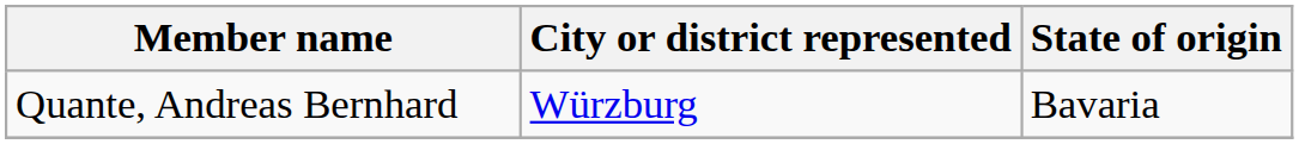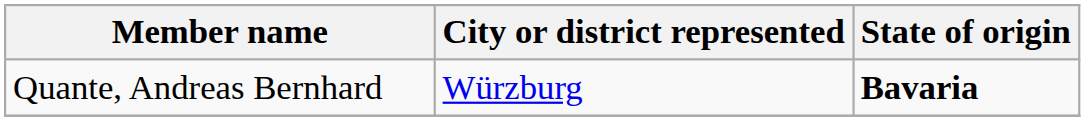 <table class="wikitable">
 <tr>
 <th width="40%">Member name</th>
 <th>City or district represented</th>
 <th>State of origin</th>
 </tr>
 <tr>
 <td>Quante, Andreas Bernhard</td>
 <td><a href='#'>Würzburg</a></td>
-<td>Bavaria</td>
+<td><strong>Bavaria</strong></td>
 </tr>
 <tr>
 </tr>
 </table>
